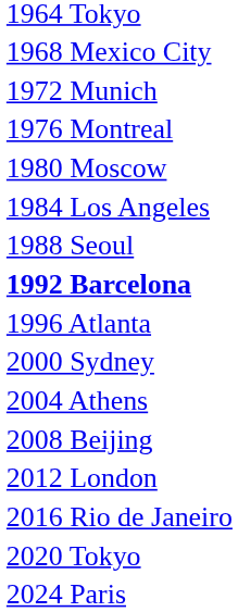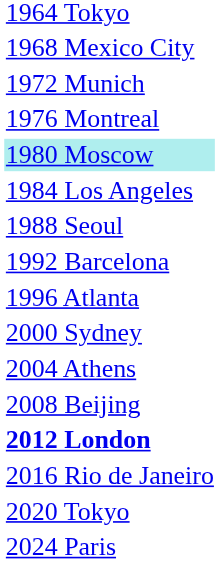 <table>
 <tr>
 <td><a href='#'>1964 Tokyo</a><br></td>
 <td></td>
 <td></td>
 <td></td>
 </tr>
 <tr>
 <td><a href='#'>1968 Mexico City</a><br></td>
 <td></td>
 <td></td>
 <td></td>
 </tr>
 <tr>
 <td><a href='#'>1972 Munich</a><br></td>
 <td></td>
 <td></td>
 <td></td>
 </tr>
 <tr>
 <td><a href='#'>1976 Montreal</a><br></td>
 <td></td>
 <td></td>
 <td></td>
 </tr>
 <tr>
-<td><a href='#'>1980 Moscow</a><br></td>
+<td style="background: paleturquoise;"><a href='#'>1980 Moscow</a><br></td>
 <td></td>
 <td></td>
 <td></td>
 </tr>
 <tr>
 <td><a href='#'>1984 Los Angeles</a><br></td>
 <td></td>
 <td></td>
 <td></td>
 </tr>
 <tr>
 <td><a href='#'>1988 Seoul</a><br></td>
 <td></td>
 <td></td>
 <td></td>
 </tr>
 <tr>
-<td><strong><a href='#'>1992 Barcelona</a><br></strong></td>
+<td><a href='#'>1992 Barcelona</a><br></td>
 <td></td>
 <td></td>
 <td></td>
 </tr>
 <tr>
 <td><a href='#'>1996 Atlanta</a><br></td>
 <td></td>
 <td></td>
 <td></td>
 </tr>
 <tr>
 <td><a href='#'>2000 Sydney</a><br></td>
 <td></td>
 <td></td>
 <td></td>
 </tr>
 <tr>
 <td><a href='#'>2004 Athens</a><br></td>
 <td></td>
 <td></td>
 <td></td>
 </tr>
 <tr>
 <td><a href='#'>2008 Beijing</a><br></td>
 <td></td>
 <td></td>
 <td></td>
 </tr>
 <tr>
-<td><a href='#'>2012 London</a><br></td>
+<td><strong><a href='#'>2012 London</a><br></strong></td>
 <td></td>
 <td></td>
 <td></td>
 </tr>
 <tr>
 <td><a href='#'>2016 Rio de Janeiro</a><br></td>
 <td></td>
 <td></td>
 <td></td>
 </tr>
 <tr>
 <td><a href='#'>2020 Tokyo</a><br></td>
 <td></td>
 <td></td>
 <td></td>
 </tr>
 <tr>
 <td><a href='#'>2024 Paris</a><br></td>
 <td></td>
 <td></td>
 <td></td>
 </tr>
 <tr>
 </tr>
 </table>
